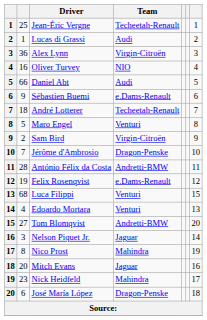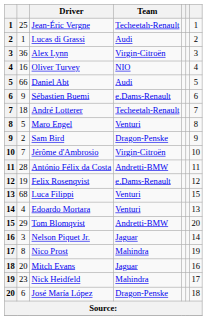 <table class="wikitable sortable" style="font-size: 85%">
 <tr>
 <th scope="col"></th>
 <th scope="col"></th>
 <th scope="col">Driver</th>
 <th scope="col">Team</th>
 <th scope="col"></th>
 <th scope="col"></th>
 <th scope="col"></th>
 </tr>
 <tr>
 <th scope="row">1</th>
 <td align="center">25</td>
 <td data-sort-value="VER"> <a href='#'>Jean-Éric Vergne</a></td>
 <td><a href='#'>Techeetah-Renault</a></td>
 <td></td>
 <td></td>
 <td align="center">1</td>
 </tr>
 <tr>
 <th scope="row">2</th>
 <td align="center">1</td>
 <td data-sort-value="DIG"> <a href='#'>Lucas di Grassi</a></td>
 <td><a href='#'>Audi</a></td>
 <td></td>
 <td></td>
 <td align="center">2</td>
 </tr>
 <tr>
 <th scope="row">3</th>
 <td align="center">36</td>
 <td data-sort-value="LYN"> <a href='#'>Alex Lynn</a></td>
 <td><a href='#'>Virgin-Citroën</a></td>
 <td></td>
 <td></td>
 <td align="center">3</td>
 </tr>
 <tr>
 <th scope="row">4</th>
 <td align="center">16</td>
 <td data-sort-value="TUR"> <a href='#'>Oliver Turvey</a></td>
 <td><a href='#'>NIO</a></td>
 <td></td>
 <td></td>
 <td align="center">4</td>
 </tr>
 <tr>
 <th scope="row">5</th>
 <td align="center">66</td>
 <td data-sort-value="ABT"> <a href='#'>Daniel Abt</a></td>
 <td><a href='#'>Audi</a></td>
 <td></td>
 <td></td>
 <td align="center">5</td>
 </tr>
 <tr>
 <th scope="row">6</th>
 <td align="center">9</td>
 <td data-sort-value="BUE"> <a href='#'>Sébastien Buemi</a></td>
 <td><a href='#'>e.Dams-Renault</a></td>
 <td></td>
 <td></td>
 <td align="center">6</td>
 </tr>
 <tr>
 <th scope="row">7</th>
 <td align="center">18</td>
 <td data-sort-value="LOT"> <a href='#'>André Lotterer</a></td>
 <td><a href='#'>Techeetah-Renault</a></td>
 <td></td>
 <td></td>
 <td align="center">7</td>
 </tr>
 <tr>
 <th scope="row">8</th>
 <td align="center">5</td>
 <td data-sort-value="ENG"> <a href='#'>Maro Engel</a></td>
 <td><a href='#'>Venturi</a></td>
 <td></td>
 <td></td>
 <td align="center">8</td>
 </tr>
 <tr>
 <th scope="row">9</th>
 <td align="center">2</td>
 <td data-sort-value="BIR"> <a href='#'>Sam Bird</a></td>
-<td><a href='#'>Virgin-Citroën</a></td>
+<td><a href='#'>Dragon-Penske</a></td>
 <td></td>
 <td></td>
 <td align="center">9</td>
 </tr>
 <tr>
 <th scope="row">10</th>
 <td align="center">7</td>
 <td data-sort-value="DAM"> <a href='#'>Jérôme d'Ambrosio</a></td>
-<td><a href='#'>Dragon-Penske</a></td>
+<td><a href='#'>Virgin-Citroën</a></td>
 <td></td>
 <td></td>
 <td align="center">10</td>
 </tr>
 <tr>
 <th scope="row">11</th>
 <td align="center">28</td>
 <td data-sort-value="FDC"> <a href='#'>António Félix da Costa</a></td>
 <td><a href='#'>Andretti-BMW</a></td>
 <td></td>
 <td></td>
 <td align="center">11</td>
 </tr>
 <tr>
 <th scope="row">12</th>
 <td align="center">19</td>
 <td data-sort-value="ROS"> <a href='#'>Felix Rosenqvist</a></td>
 <td><a href='#'>e.Dams-Renault</a></td>
 <td></td>
 <td></td>
 <td align="center">12</td>
 </tr>
 <tr>
 <th scope="row">13</th>
 <td align="center">68</td>
 <td data-sort-value="FIL"> <a href='#'>Luca Filippi</a></td>
 <td><a href='#'>Venturi</a></td>
 <td></td>
 <td></td>
 <td align="center">15</td>
 </tr>
 <tr>
 <th scope="row">14</th>
 <td align="center">4</td>
 <td data-sort-value="MOR"> <a href='#'>Edoardo Mortara</a></td>
 <td><a href='#'>Venturi</a></td>
 <td></td>
 <td></td>
 <td align="center">13</td>
 </tr>
 <tr>
 <th scope="row">15</th>
-<td align="center">27</td>
+<td align="center">29</td>
 <td data-sort-value="BLO"> <a href='#'>Tom Blomqvist</a></td>
 <td><a href='#'>Andretti-BMW</a></td>
 <td></td>
 <td></td>
 <td align="center">20</td>
 </tr>
 <tr>
 <th scope="row">16</th>
 <td align="center">3</td>
 <td data-sort-value="PIQ"> <a href='#'>Nelson Piquet Jr.</a></td>
 <td><a href='#'>Jaguar</a></td>
 <td></td>
 <td></td>
 <td align="center">14</td>
 </tr>
 <tr>
 <th scope="row">17</th>
 <td align="center">8</td>
 <td data-sort-value="PRO"> <a href='#'>Nico Prost</a></td>
 <td><a href='#'>Mahindra</a></td>
 <td></td>
 <td></td>
 <td align="center">19</td>
 </tr>
 <tr>
 <th scope="row">18</th>
 <td align="center">20</td>
 <td data-sort-value="EVA"> <a href='#'>Mitch Evans</a></td>
 <td><a href='#'>Jaguar</a></td>
 <td></td>
 <td></td>
 <td align="center">16</td>
 </tr>
 <tr>
 <th scope="row">19</th>
 <td align="center">23</td>
 <td data-sort-value="HEI"> <a href='#'>Nick Heidfeld</a></td>
 <td><a href='#'>Mahindra</a></td>
 <td></td>
 <td></td>
 <td align="center">17</td>
 </tr>
 <tr>
 <th scope="row">20</th>
 <td align="center">6</td>
 <td data-sort-value="LOP"> <a href='#'>José María López</a></td>
 <td><a href='#'>Dragon-Penske</a></td>
 <td></td>
 <td></td>
 <td align="center">18</td>
 </tr>
 <tr>
 <th colspan="7">Source:</th>
 </tr>
 <tr>
 </tr>
 </table>
